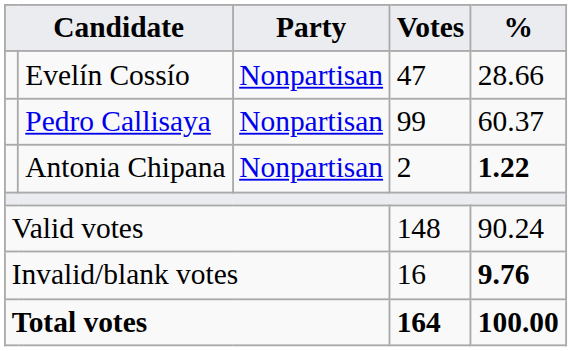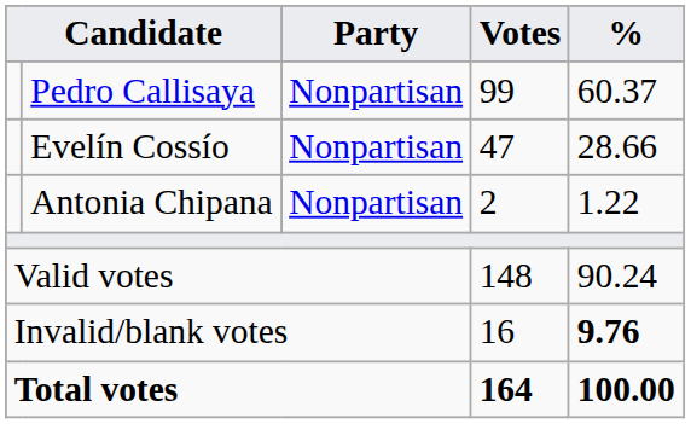 <table class="wikitable sortable">
 <tr>
 <th style="background-color:#EAECF0;" colspan=2>Candidate</th>
 <th style="background-color:#EAECF0;">Party</th>
 <th style="background-color:#EAECF0;">Votes</th>
 <th style="background-color:#EAECF0;">%</th>
+</tr>
+<tr>
+<td style="background-color:"></td>
+<td><a href='#'>Pedro Callisaya</a></td>
+<td><a href='#'>Nonpartisan</a></td>
+<td>99</td>
+<td>60.37</td>
 </tr>
 <tr>
 <td style="background-color:"></td>
 <td>Evelín Cossío</td>
 <td><a href='#'>Nonpartisan</a></td>
 <td>47</td>
 <td>28.66</td>
 </tr>
 <tr>
 <td style="background-color:"></td>
-<td><a href='#'>Pedro Callisaya</a></td>
-<td><a href='#'>Nonpartisan</a></td>
-<td>99</td>
-<td>60.37</td>
-</tr>
-<tr>
-<td style="background-color:"></td>
 <td>Antonia Chipana</td>
 <td><a href='#'>Nonpartisan</a></td>
 <td>2</td>
-<td><strong>1.22</strong></td>
+<td>1.22</td>
 </tr>
 <tr class="sortbottom">
 <th style="background-color:#EAECF0;" colspan=5></th>
 </tr>
 <tr class="sortbottom">
 <td colspan=3>Valid votes</td>
 <td>148</td>
 <td>90.24</td>
 </tr>
 <tr class="sortbottom">
 <td colspan=3>Invalid/blank votes</td>
 <td>16</td>
 <td><strong>9.76</strong></td>
 </tr>
 <tr class="sortbottom">
 <td colspan=3><strong>Total votes</strong></td>
 <td><strong>164</strong></td>
 <td><strong>100.00</strong></td>
 </tr>
 </table>
